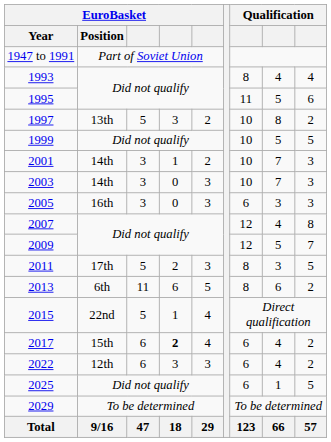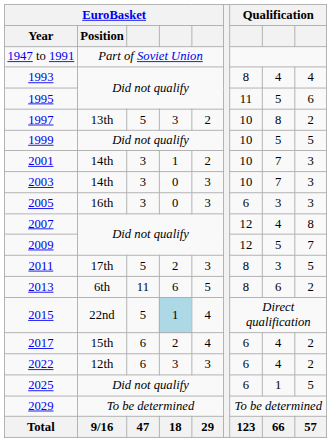 <table class="wikitable" style="text-align: center;font-size:90%;">
 <tr>
 <th colspan=5><a href='#'>EuroBasket</a></th>
 <th rowspan=20></th>
 <th colspan=3>Qualification</th>
 </tr>
 <tr>
 <th>Year</th>
 <th>Position</th>
 <th width=30></th>
 <th width=30></th>
 <th width=30></th>
 <th width=30></th>
 <th width=30></th>
 <th width=30></th>
 </tr>
 <tr>
 <td><a href='#'>1947</a> to <a href='#'>1991</a></td>
 <td colspan=4><em>Part of <a href='#'>Soviet Union</a></em></td>
 </tr>
 <tr>
 <td> <a href='#'>1993</a></td>
 <td colspan=4 rowspan=2><em>Did not qualify</em></td>
 <td>8</td>
 <td>4</td>
 <td>4</td>
 </tr>
 <tr>
 <td> <a href='#'>1995</a></td>
 <td>11</td>
 <td>5</td>
 <td>6</td>
 </tr>
 <tr>
 <td> <a href='#'>1997</a></td>
 <td>13th</td>
 <td>5</td>
 <td>3</td>
 <td>2</td>
 <td>10</td>
 <td>8</td>
 <td>2</td>
 </tr>
 <tr>
 <td> <a href='#'>1999</a></td>
 <td colspan=4><em>Did not qualify</em></td>
 <td>10</td>
 <td>5</td>
 <td>5</td>
 </tr>
 <tr>
 <td> <a href='#'>2001</a></td>
 <td>14th</td>
 <td>3</td>
 <td>1</td>
 <td>2</td>
 <td>10</td>
 <td>7</td>
 <td>3</td>
 </tr>
 <tr>
 <td> <a href='#'>2003</a></td>
 <td>14th</td>
 <td>3</td>
 <td>0</td>
 <td>3</td>
 <td>10</td>
 <td>7</td>
 <td>3</td>
 </tr>
 <tr>
 <td> <a href='#'>2005</a></td>
 <td>16th</td>
 <td>3</td>
 <td>0</td>
 <td>3</td>
 <td>6</td>
 <td>3</td>
 <td>3</td>
 </tr>
 <tr>
 <td> <a href='#'>2007</a></td>
 <td colspan=4 rowspan=2><em>Did not qualify</em></td>
 <td>12</td>
 <td>4</td>
 <td>8</td>
 </tr>
 <tr>
 <td> <a href='#'>2009</a></td>
 <td>12</td>
 <td>5</td>
 <td>7</td>
 </tr>
 <tr>
 <td> <a href='#'>2011</a></td>
 <td>17th</td>
 <td>5</td>
 <td>2</td>
 <td>3</td>
 <td>8</td>
 <td>3</td>
 <td>5</td>
 </tr>
 <tr>
 <td> <a href='#'>2013</a></td>
 <td>6th</td>
 <td>11</td>
 <td>6</td>
 <td>5</td>
 <td>8</td>
 <td>6</td>
 <td>2</td>
 </tr>
 <tr>
 <td> <a href='#'>2015</a></td>
 <td>22nd</td>
 <td>5</td>
-<td>1</td>
+<td style="background: lightblue;">1</td>
 <td>4</td>
 <td colspan=3><em>Direct qualification</em></td>
 </tr>
 <tr>
 <td> <a href='#'>2017</a></td>
 <td>15th</td>
 <td>6</td>
-<td><strong>2</strong></td>
+<td>2</td>
 <td>4</td>
 <td>6</td>
 <td>4</td>
 <td>2</td>
 </tr>
 <tr>
 <td> <a href='#'>2022</a></td>
 <td>12th</td>
 <td>6</td>
 <td>3</td>
 <td>3</td>
 <td>6</td>
 <td>4</td>
 <td>2</td>
 </tr>
 <tr>
 <td> <a href='#'>2025</a></td>
 <td colspan=4><em>Did not qualify</em></td>
 <td>6</td>
 <td>1</td>
 <td>5</td>
 </tr>
 <tr>
 <td> <a href='#'>2029</a></td>
 <td colspan=4><em>To be determined</em></td>
 <td colspan=3><em>To be determined</em></td>
 </tr>
 <tr>
 <th>Total</th>
 <th>9/16</th>
 <th>47</th>
 <th>18</th>
 <th>29</th>
 <th>123</th>
 <th>66</th>
 <th>57</th>
 </tr>
 </table>
